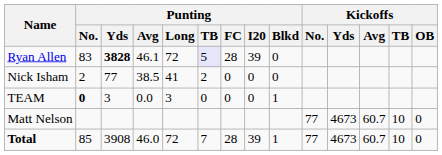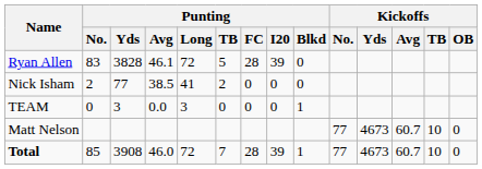 <table class="wikitable" style="white-space:nowrap;">
 <tr>
 <th rowspan="2">Name</th>
 <th colspan="8">Punting</th>
 <th colspan="5">Kickoffs</th>
 </tr>
 <tr>
 <th>No.</th>
 <th>Yds</th>
 <th>Avg</th>
 <th>Long</th>
 <th>TB</th>
 <th>FC</th>
 <th>I20</th>
 <th>Blkd</th>
 <th>No.</th>
 <th>Yds</th>
 <th>Avg</th>
 <th>TB</th>
 <th>OB</th>
 </tr>
 <tr>
 <td><a href='#'>Ryan Allen</a></td>
 <td>83</td>
-<td><strong>3828</strong></td>
+<td>3828</td>
 <td>46.1</td>
 <td>72</td>
-<td style="background: lavender;">5</td>
+<td>5</td>
 <td>28</td>
 <td>39</td>
 <td>0</td>
 <td></td>
 <td></td>
 <td></td>
 <td></td>
 <td></td>
 </tr>
 <tr>
 <td>Nick Isham</td>
 <td>2</td>
 <td>77</td>
 <td>38.5</td>
 <td>41</td>
 <td>2</td>
 <td>0</td>
 <td>0</td>
 <td>0</td>
 <td></td>
 <td></td>
 <td></td>
 <td></td>
 <td></td>
 </tr>
 <tr>
 <td>TEAM</td>
-<td><strong>0</strong></td>
+<td>0</td>
 <td>3</td>
 <td>0.0</td>
 <td>3</td>
 <td>0</td>
 <td>0</td>
 <td>0</td>
 <td>1</td>
 <td></td>
 <td></td>
 <td></td>
 <td></td>
 <td></td>
 </tr>
 <tr>
 <td>Matt Nelson</td>
 <td></td>
 <td></td>
 <td></td>
 <td></td>
 <td></td>
 <td></td>
 <td></td>
 <td></td>
 <td>77</td>
 <td>4673</td>
 <td>60.7</td>
 <td>10</td>
 <td>0</td>
 </tr>
 <tr>
 <td><strong>Total</strong></td>
 <td>85</td>
 <td>3908</td>
 <td>46.0</td>
 <td>72</td>
 <td>7</td>
 <td>28</td>
 <td>39</td>
 <td>1</td>
 <td>77</td>
 <td>4673</td>
 <td>60.7</td>
 <td>10</td>
 <td>0</td>
 </tr>
 </table>
